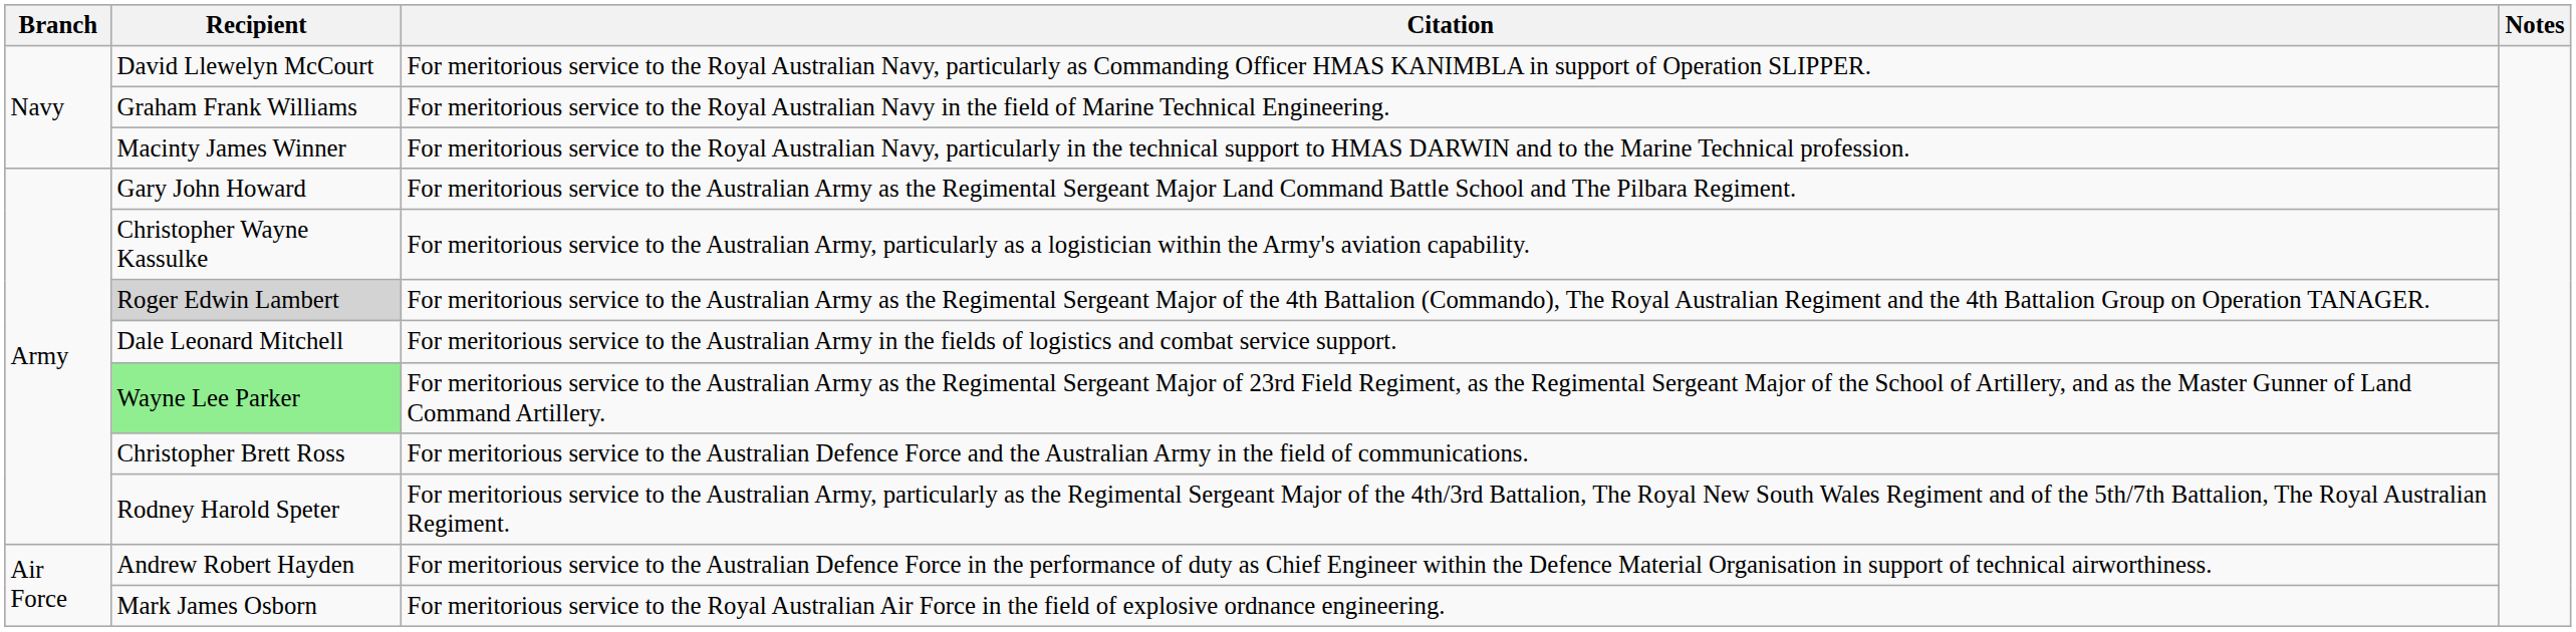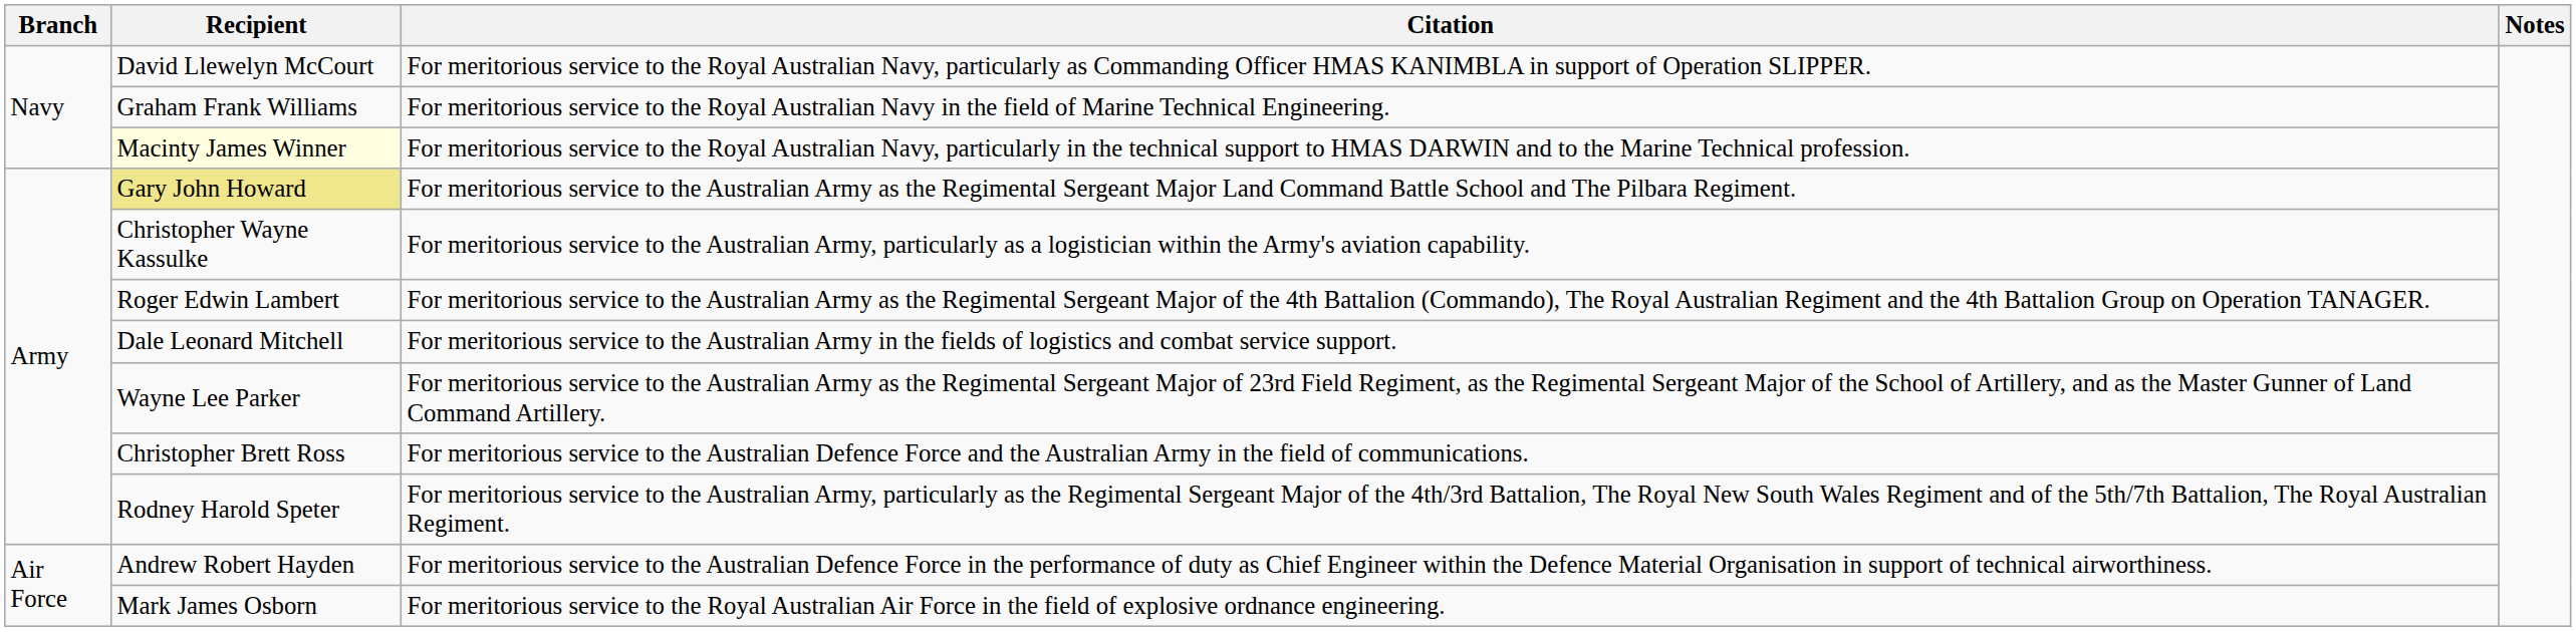 <table class="wikitable" style="font-size:95%;">
 <tr>
 <th>Branch</th>
 <th>Recipient</th>
 <th>Citation</th>
 <th>Notes</th>
 </tr>
 <tr>
 <td rowspan=3>Navy</td>
 <td> David Llewelyn McCourt</td>
 <td>For meritorious service to the Royal Australian Navy, particularly as Commanding Officer HMAS KANIMBLA in support of Operation SLIPPER.</td>
 <td rowspan=12></td>
 </tr>
 <tr>
 <td> Graham Frank Williams</td>
 <td>For meritorious service to the Royal Australian Navy in the field of Marine Technical Engineering.</td>
 </tr>
 <tr>
-<td> Macinty James Winner</td>
+<td style="background: lightyellow;"> Macinty James Winner</td>
 <td>For meritorious service to the Royal Australian Navy, particularly in the technical support to HMAS DARWIN and to the Marine Technical profession.</td>
 </tr>
 <tr>
 <td rowspan=7>Army</td>
-<td> Gary John Howard</td>
+<td style="background: khaki;"> Gary John Howard</td>
 <td>For meritorious service to the Australian Army as the Regimental Sergeant Major Land Command Battle School and The Pilbara Regiment.</td>
 </tr>
 <tr>
 <td> Christopher Wayne Kassulke</td>
 <td>For meritorious service to the Australian Army, particularly as a logistician within the Army's aviation capability.</td>
 </tr>
 <tr>
-<td style="background: lightgrey;"> Roger Edwin Lambert</td>
+<td> Roger Edwin Lambert</td>
 <td>For meritorious service to the Australian Army as the Regimental Sergeant Major of the 4th Battalion (Commando), The Royal Australian Regiment and the 4th Battalion Group on Operation TANAGER.</td>
 </tr>
 <tr>
 <td> Dale Leonard Mitchell</td>
 <td>For meritorious service to the Australian Army in the fields of logistics and combat service support.</td>
 </tr>
 <tr>
-<td style="background: lightgreen;"> Wayne Lee Parker</td>
+<td> Wayne Lee Parker</td>
 <td>For meritorious service to the Australian Army as the Regimental Sergeant Major of 23rd Field Regiment, as the Regimental Sergeant Major of the School of Artillery, and as the Master Gunner of Land Command Artillery.</td>
 </tr>
 <tr>
 <td> Christopher Brett Ross</td>
 <td>For meritorious service to the Australian Defence Force and the Australian Army in the field of communications.</td>
 </tr>
 <tr>
 <td> Rodney Harold Speter</td>
 <td>For meritorious service to the Australian Army, particularly as the Regimental Sergeant Major of the 4th/3rd Battalion, The Royal New South Wales Regiment and of the 5th/7th Battalion, The Royal Australian Regiment.</td>
 </tr>
 <tr>
 <td rowspan=2>Air Force</td>
 <td> Andrew Robert Hayden</td>
 <td>For meritorious service to the Australian Defence Force in the performance of duty as Chief Engineer within the Defence Material Organisation in support of technical airworthiness.</td>
 </tr>
 <tr>
 <td> Mark James Osborn</td>
 <td>For meritorious service to the Royal Australian Air Force in the field of explosive ordnance engineering.</td>
 </tr>
 </table>
